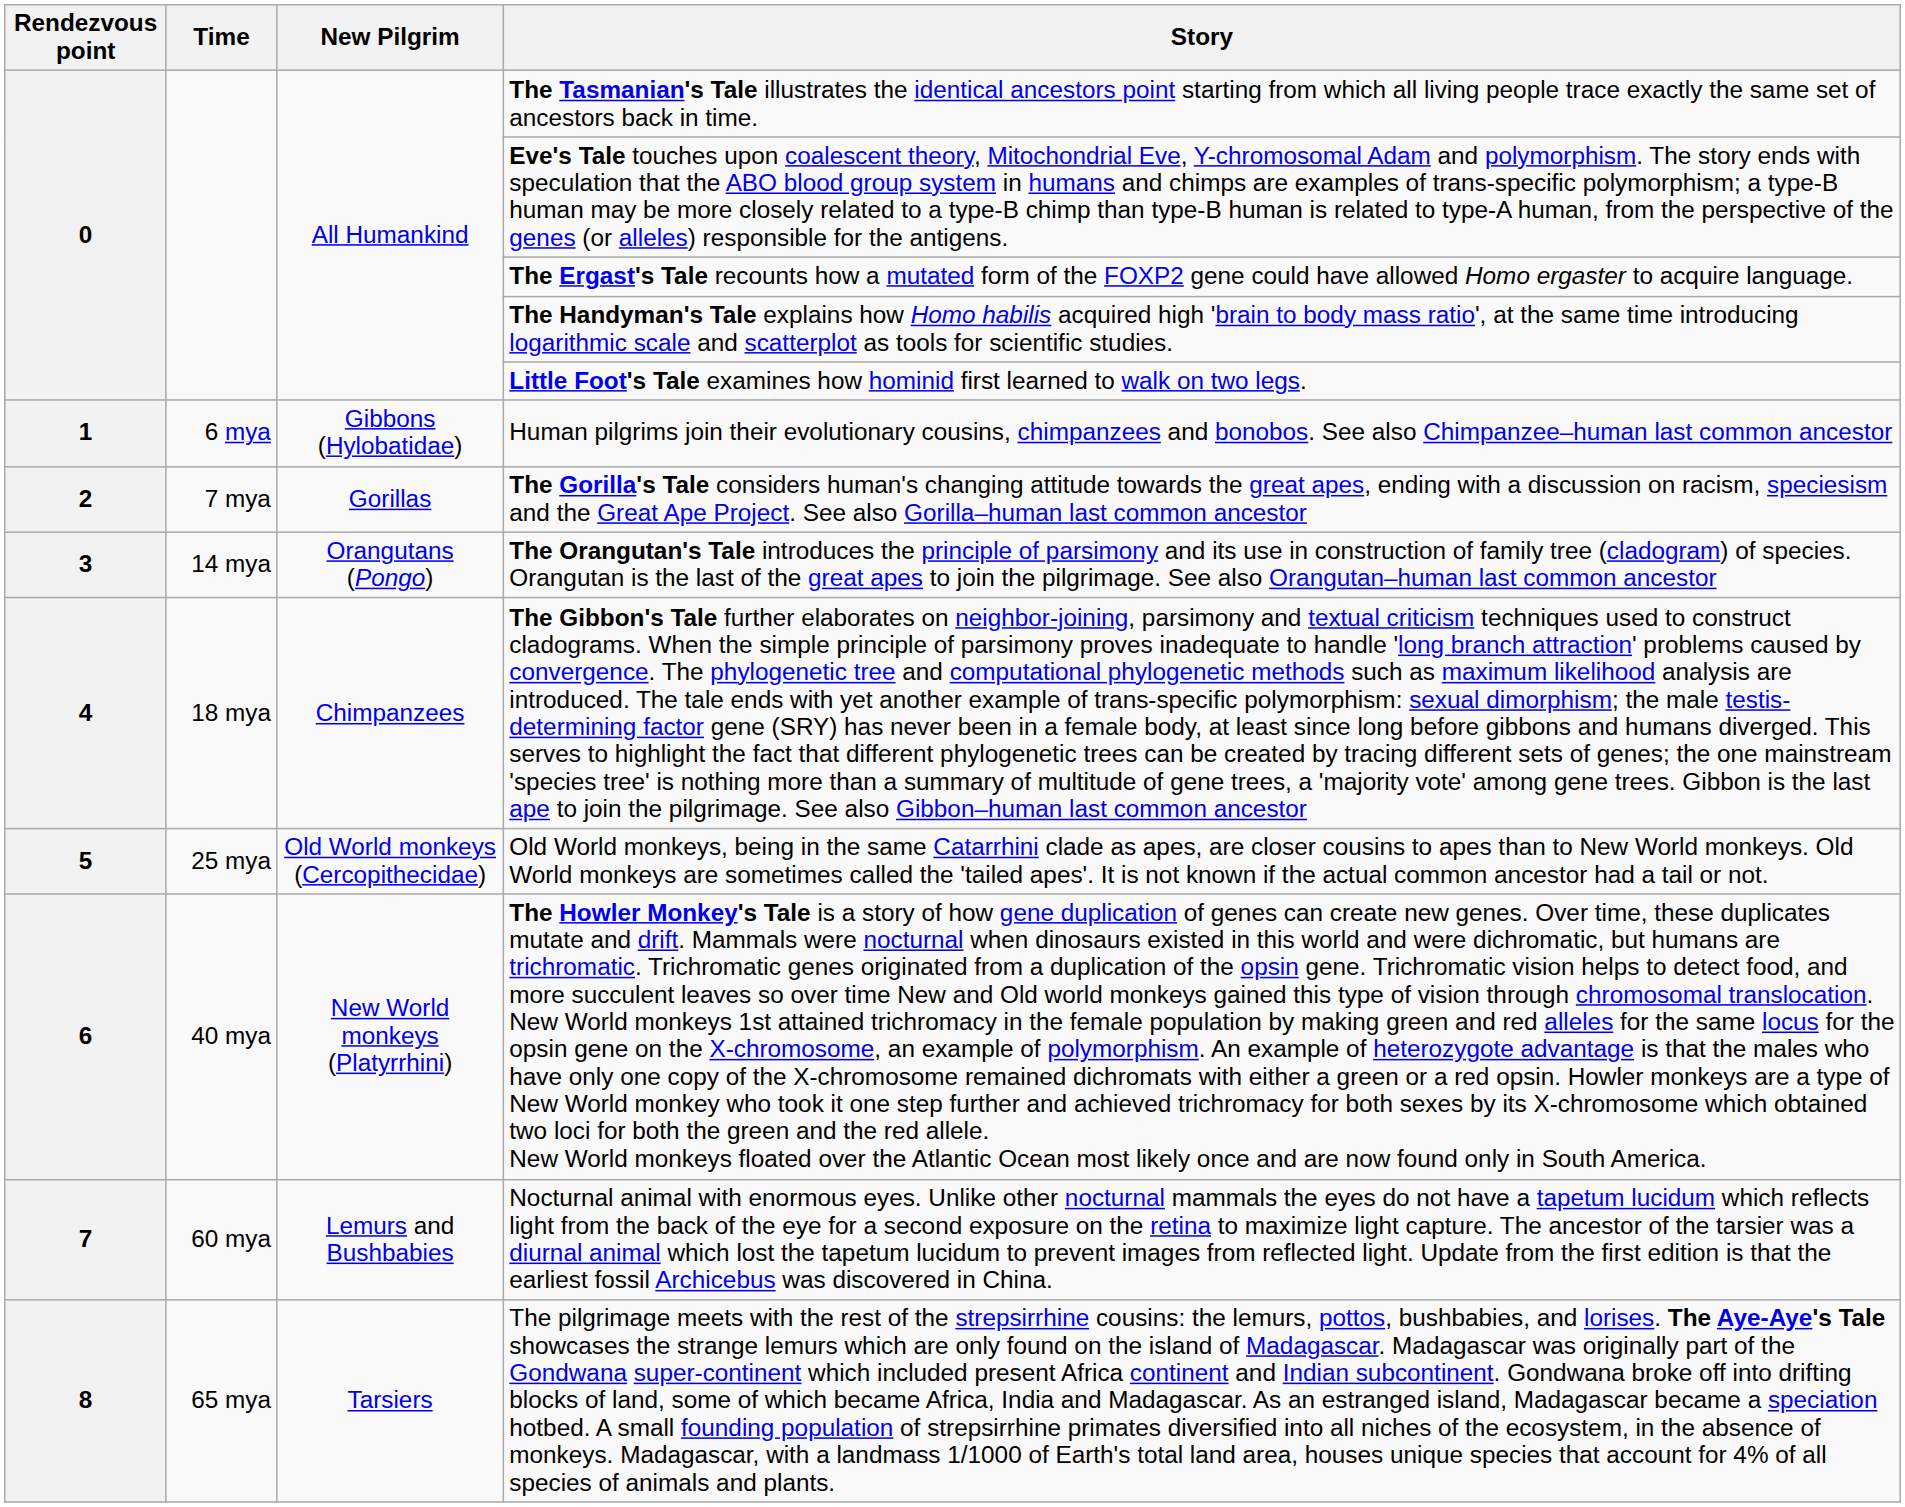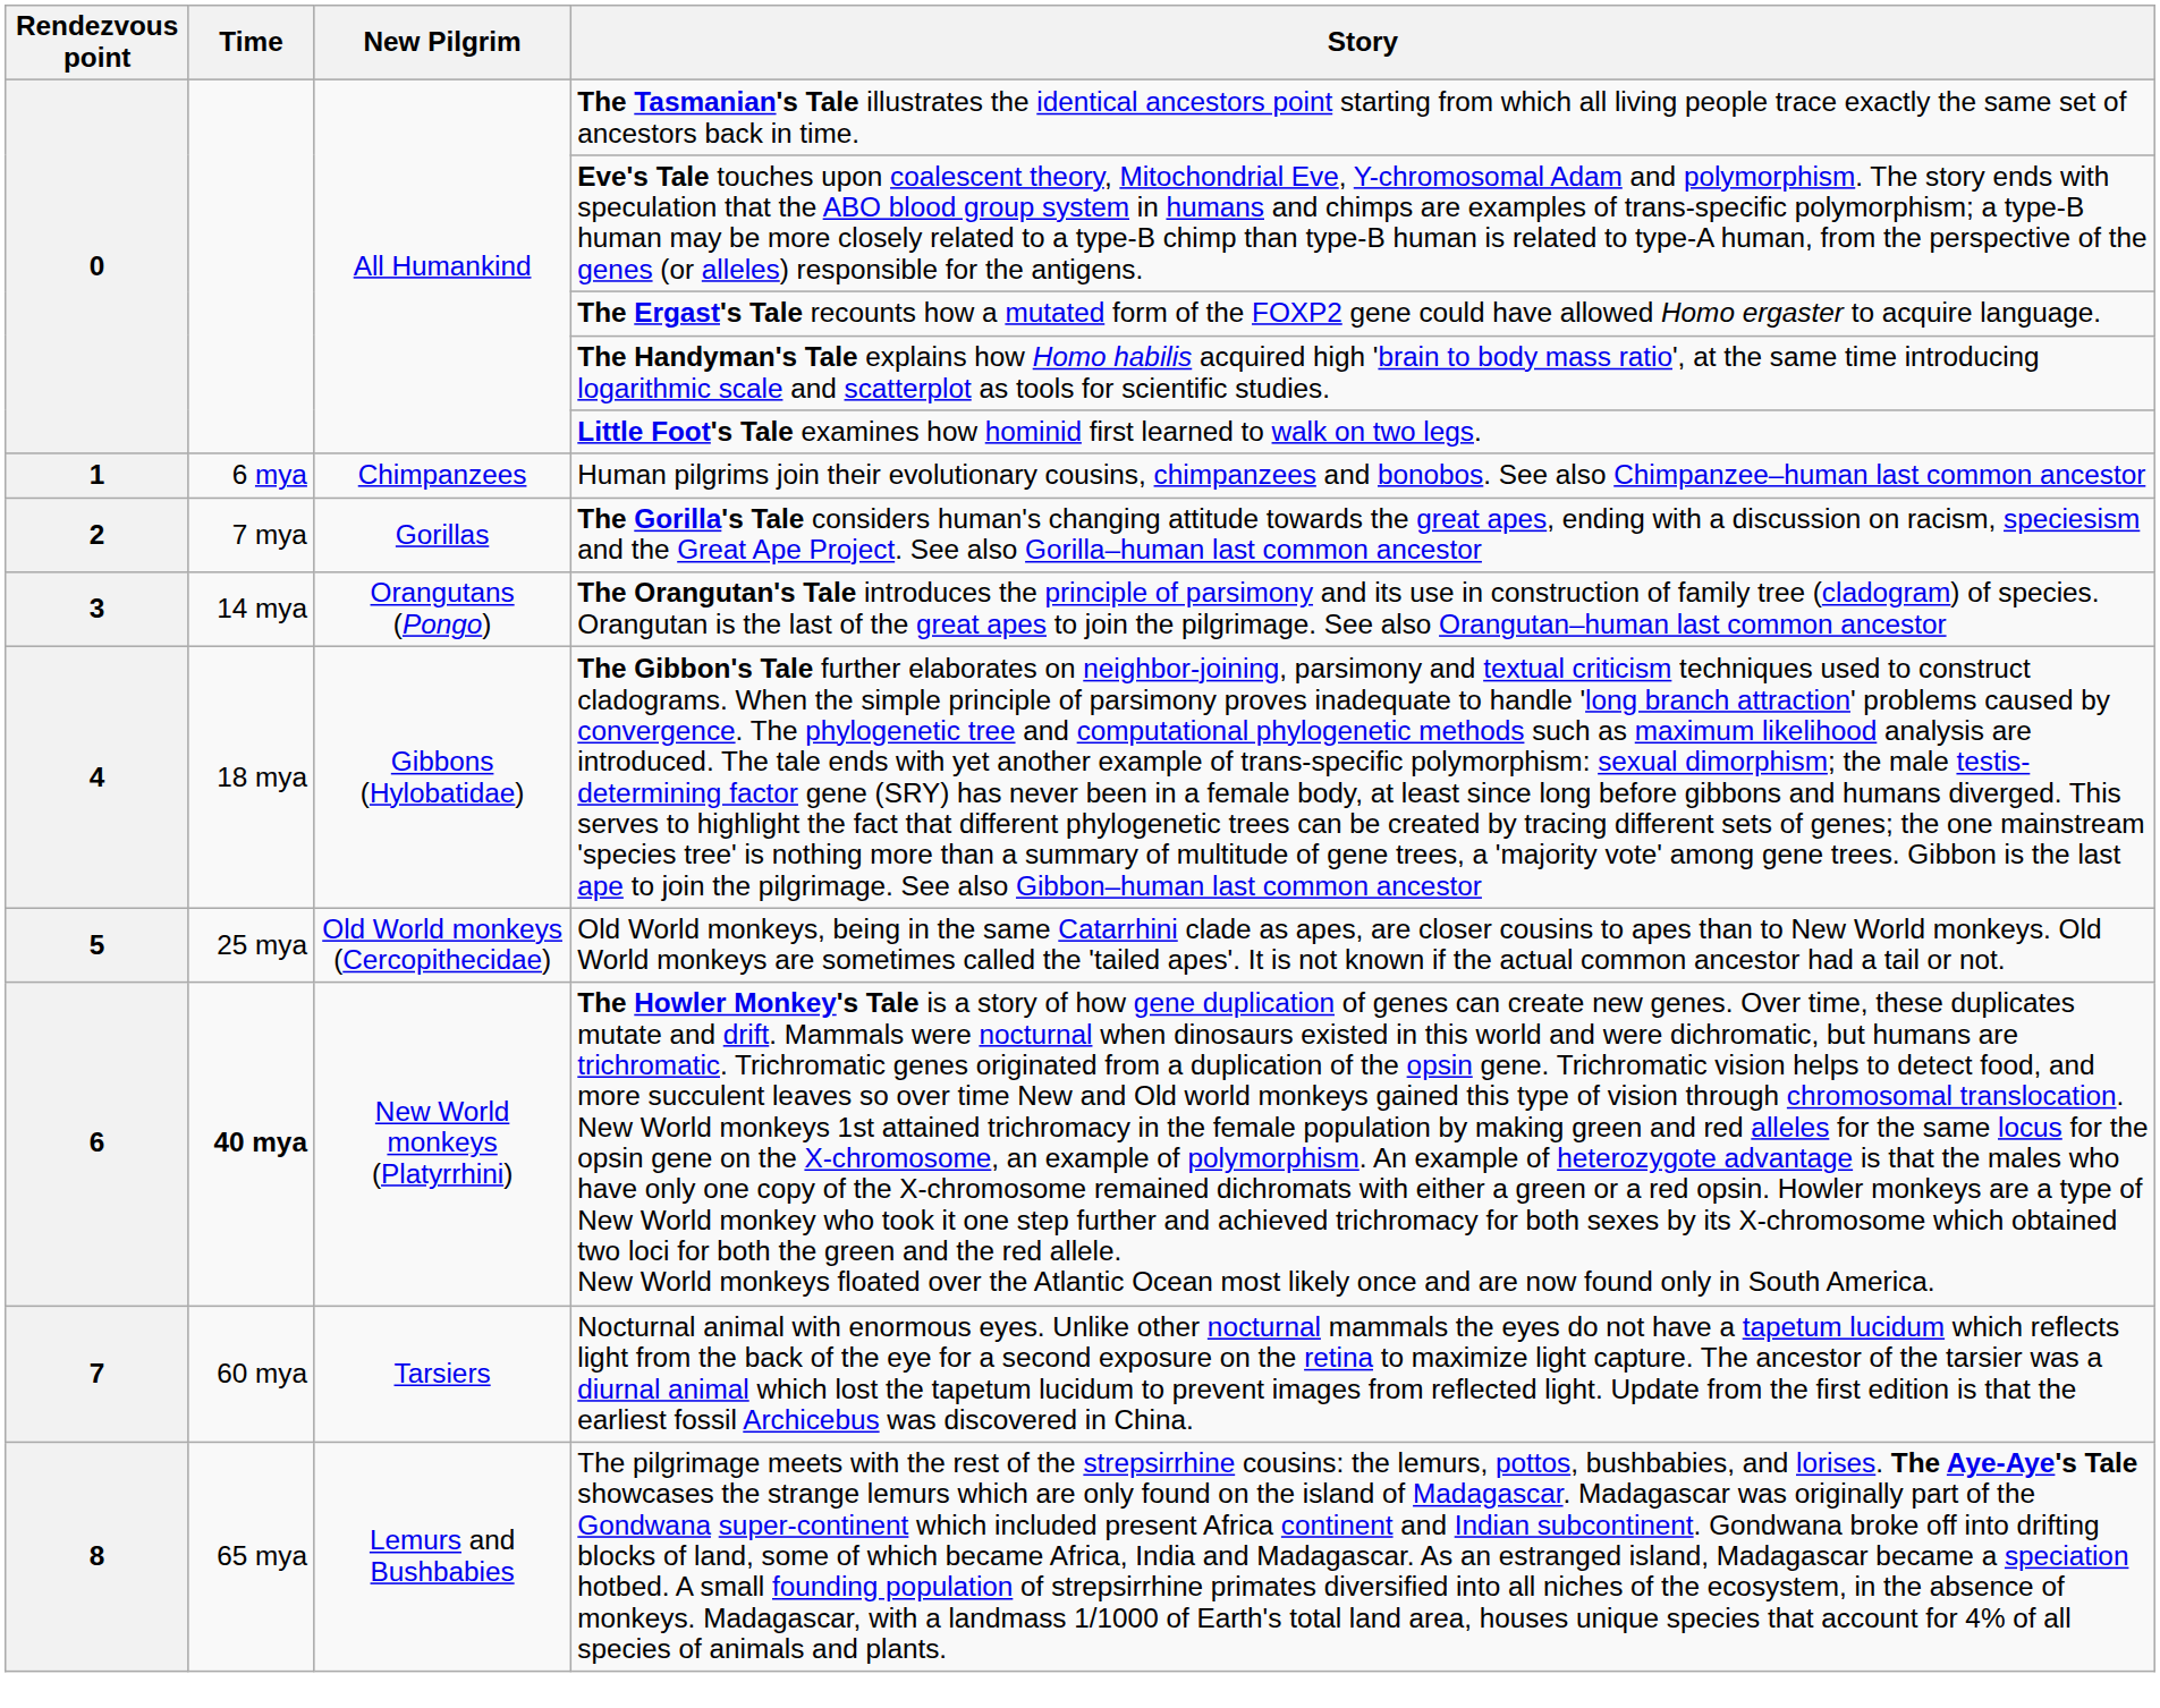 <table class="wikitable">
 <tr>
 <th>Rendezvous point</th>
 <th style="width:65px;">Time</th>
 <th>New Pilgrim</th>
 <th>Story</th>
 </tr>
 <tr>
 <th rowspan="5">0</th>
 <td rowspan="5"></td>
 <td rowspan="5" style="text-align:center;"><a href='#'>All Humankind</a></td>
 <td><strong>The <a href='#'>Tasmanian</a>'s Tale</strong> illustrates the <a href='#'>identical ancestors point</a> starting from which all living people trace exactly the same set of ancestors back in time.</td>
 </tr>
 <tr>
 <td><strong>Eve's Tale</strong> touches upon <a href='#'>coalescent theory</a>, <a href='#'>Mitochondrial Eve</a>, <a href='#'>Y-chromosomal Adam</a> and <a href='#'>polymorphism</a>. The story ends with speculation that the <a href='#'>ABO blood group system</a> in <a href='#'>humans</a> and chimps are examples of trans-specific polymorphism; a type-B human may be more closely related to a type-B chimp than type-B human is related to type-A human, from the perspective of the <a href='#'>genes</a> (or <a href='#'>alleles</a>) responsible for the antigens.</td>
 </tr>
 <tr>
 <td><strong>The <a href='#'>Ergast</a>'s Tale</strong> recounts how a <a href='#'>mutated</a> form of the <a href='#'>FOXP2</a> gene could have allowed <em>Homo ergaster</em> to acquire language.</td>
 </tr>
 <tr>
 <td><strong>The Handyman's Tale</strong> explains how <em><a href='#'>Homo habilis</a></em> acquired high '<a href='#'>brain to body mass ratio</a>', at the same time introducing <a href='#'>logarithmic scale</a> and <a href='#'>scatterplot</a> as tools for scientific studies.</td>
 </tr>
 <tr>
 <td><strong><a href='#'>Little Foot</a>'s Tale</strong> examines how <a href='#'>hominid</a> first learned to <a href='#'>walk on two legs</a>.</td>
 </tr>
 <tr>
 <th>1</th>
 <td style="text-align:right;">6 <a href='#'>mya</a></td>
-<td style="text-align:center;"><a href='#'>Gibbons</a> (<a href='#'>Hylobatidae</a>)</td>
+<td style="text-align:center;"><a href='#'>Chimpanzees</a></td>
 <td>Human pilgrims join their evolutionary cousins, <a href='#'>chimpanzees</a> and <a href='#'>bonobos</a>. See also <a href='#'>Chimpanzee–human last common ancestor</a></td>
 </tr>
 <tr>
 <th>2</th>
 <td style="text-align:right;">7 mya</td>
 <td style="text-align:center;"><a href='#'>Gorillas</a></td>
 <td><strong>The <a href='#'>Gorilla</a>'s Tale</strong> considers human's changing attitude towards the <a href='#'>great apes</a>, ending with a discussion on racism, <a href='#'>speciesism</a> and the <a href='#'>Great Ape Project</a>. See also <a href='#'>Gorilla–human last common ancestor</a></td>
 </tr>
 <tr>
 <th>3</th>
 <td style="text-align:right;">14 mya</td>
 <td style="text-align:center;"><a href='#'>Orangutans</a> (<em><a href='#'>Pongo</a></em>)</td>
 <td><strong>The Orangutan's Tale</strong> introduces the <a href='#'>principle of parsimony</a> and its use in construction of family tree (<a href='#'>cladogram</a>) of species. Orangutan is the last of the <a href='#'>great apes</a> to join the pilgrimage. See also <a href='#'>Orangutan–human last common ancestor</a></td>
 </tr>
 <tr>
 <th>4</th>
 <td style="text-align:right;">18 mya</td>
-<td style="text-align:center;"><a href='#'>Chimpanzees</a></td>
+<td style="text-align:center;"><a href='#'>Gibbons</a> (<a href='#'>Hylobatidae</a>)</td>
 <td><strong>The Gibbon's Tale</strong> further elaborates on <a href='#'>neighbor-joining</a>, parsimony and <a href='#'>textual criticism</a> techniques used to construct cladograms. When the simple principle of parsimony proves inadequate to handle '<a href='#'>long branch attraction</a>' problems caused by <a href='#'>convergence</a>. The <a href='#'>phylogenetic tree</a> and <a href='#'>computational phylogenetic methods</a> such as <a href='#'>maximum likelihood</a> analysis are introduced. The tale ends with yet another example of trans-specific polymorphism: <a href='#'>sexual dimorphism</a>; the male <a href='#'>testis-determining factor</a> gene (SRY) has never been in a female body, at least since long before gibbons and humans diverged. This serves to highlight the fact that different phylogenetic trees can be created by tracing different sets of genes; the one mainstream 'species tree' is nothing more than a summary of multitude of gene trees, a 'majority vote' among gene trees. Gibbon is the last <a href='#'>ape</a> to join the pilgrimage. See also <a href='#'>Gibbon–human last common ancestor</a></td>
 </tr>
 <tr>
 <th>5</th>
 <td style="text-align:right;">25 mya</td>
 <td style="text-align:center;"><a href='#'>Old World monkeys</a> (<a href='#'>Cercopithecidae</a>)</td>
 <td>Old World monkeys, being in the same <a href='#'>Catarrhini</a> clade as apes, are closer cousins to apes than to New World monkeys. Old World monkeys are sometimes called the 'tailed apes'. It is not known if the actual common ancestor had a tail or not.</td>
 </tr>
 <tr>
 <th>6</th>
-<td style="text-align:right;">40 mya</td>
+<td style="text-align:right;"><strong>40 mya</strong></td>
 <td style="text-align:center;"><a href='#'>New World monkeys</a> (<a href='#'>Platyrrhini</a>)</td>
 <td><strong>The <a href='#'>Howler Monkey</a>'s Tale</strong> is a story of how <a href='#'>gene duplication</a> of genes can create new genes. Over time, these duplicates mutate and <a href='#'>drift</a>. Mammals were <a href='#'>nocturnal</a> when dinosaurs existed in this world and were dichromatic, but humans are <a href='#'>trichromatic</a>. Trichromatic genes originated from a duplication of the <a href='#'>opsin</a> gene. Trichromatic vision helps to detect food, and more succulent leaves so over time New and Old world monkeys gained this type of vision through <a href='#'>chromosomal translocation</a>. New World monkeys 1st attained trichromacy in the female population by making green and red <a href='#'>alleles</a> for the same <a href='#'>locus</a> for the opsin gene on the <a href='#'>X-chromosome</a>, an example of <a href='#'>polymorphism</a>. An example of <a href='#'>heterozygote advantage</a> is that the males who have only one copy of the X-chromosome remained dichromats with either a green or a red opsin. Howler monkeys are a type of New World monkey who took it one step further and achieved trichromacy for both sexes by its X-chromosome which obtained two loci for both the green and the red allele.<br>New World monkeys floated over the Atlantic Ocean most likely once and are now found only in South America.</td>
 </tr>
 <tr>
 <th>7</th>
 <td style="text-align:right;">60 mya</td>
-<td style="text-align:center;"><a href='#'>Lemurs</a> and <a href='#'>Bushbabies</a></td>
+<td style="text-align:center;"><a href='#'>Tarsiers</a></td>
 <td>Nocturnal animal with enormous eyes. Unlike other <a href='#'>nocturnal</a> mammals the eyes do not have a <a href='#'>tapetum lucidum</a> which reflects light from the back of the eye for a second exposure on the <a href='#'>retina</a> to maximize light capture. The ancestor of the tarsier was a <a href='#'>diurnal animal</a> which lost the tapetum lucidum to prevent images from reflected light. Update from the first edition is that the earliest fossil <a href='#'>Archicebus</a> was discovered in China.</td>
 </tr>
 <tr>
 <th>8</th>
 <td style="text-align:right;">65 mya</td>
-<td style="text-align:center;"><a href='#'>Tarsiers</a></td>
+<td style="text-align:center;"><a href='#'>Lemurs</a> and <a href='#'>Bushbabies</a></td>
 <td>The pilgrimage meets with the rest of the <a href='#'>strepsirrhine</a> cousins: the lemurs, <a href='#'>pottos</a>, bushbabies, and <a href='#'>lorises</a>. <strong>The <a href='#'>Aye-Aye</a>'s Tale</strong> showcases the strange lemurs which are only found on the island of <a href='#'>Madagascar</a>. Madagascar was originally part of the <a href='#'>Gondwana</a> <a href='#'>super-continent</a> which included present Africa <a href='#'>continent</a> and <a href='#'>Indian subcontinent</a>. Gondwana broke off into drifting blocks of land, some of which became Africa, India and Madagascar. As an estranged island, Madagascar became a <a href='#'>speciation</a> hotbed. A small <a href='#'>founding population</a> of strepsirrhine primates diversified into all niches of the ecosystem, in the absence of monkeys. Madagascar, with a landmass 1/1000 of Earth's total land area, houses unique species that account for 4% of all species of animals and plants.</td>
 </tr>
 </table>
